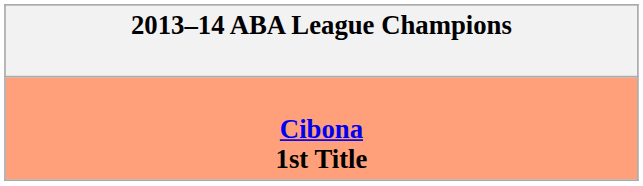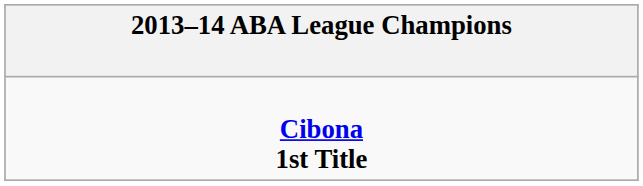 <table class="wikitable" style="margin: 0 auto; width: 30%;">
 <tr>
 <th>2013–14 ABA League Champions<br><br></th>
 </tr>
 <tr>
-<td align=center style="background: lightsalmon;"><br><strong><a href='#'>Cibona</a></strong><br><strong>1st Title</strong></td>
+<td align=center><br><strong><a href='#'>Cibona</a></strong><br><strong>1st Title</strong></td>
 </tr>
 </table>
